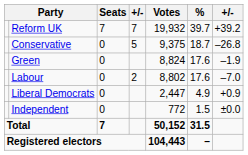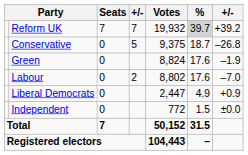 <table class="wikitable sortable">
 <tr>
 <th colspan="2">Party</th>
 <th>Seats</th>
 <th>+/-</th>
 <th>Votes</th>
 <th>%</th>
 <th>+/-</th>
 </tr>
 <tr>
 <td style="background-color: "></td>
 <td><a href='#'>Reform UK</a></td>
 <td>7</td>
 <td> 7</td>
 <td style="text-align:right;">19,932</td>
-<td style="text-align:right;">39.7</td>
+<td style="background: lightgrey; text-align:right;">39.7</td>
 <td style="text-align:right;">+39.2</td>
 </tr>
 <tr>
 <td style="background-color: "></td>
 <td><a href='#'>Conservative</a></td>
 <td>0</td>
 <td> 5</td>
 <td style="text-align:right;">9,375</td>
 <td style="text-align:right;">18.7</td>
 <td style="text-align:right;">–26.8</td>
 </tr>
 <tr>
 <td style="background-color: "></td>
 <td><a href='#'>Green</a></td>
 <td>0</td>
 <td></td>
 <td style="text-align:right;">8,824</td>
 <td style="text-align:right;">17.6</td>
 <td style="text-align:right;">–1.9</td>
 </tr>
 <tr>
 <td style="background-color: "></td>
 <td><a href='#'>Labour</a></td>
 <td>0</td>
 <td> 2</td>
 <td style="text-align:right;">8,802</td>
 <td style="text-align:right;">17.6</td>
 <td style="text-align:right;">–7.0</td>
 </tr>
 <tr>
 <td style="background-color: "></td>
 <td><a href='#'>Liberal Democrats</a></td>
 <td>0</td>
 <td></td>
 <td style="text-align:right;">2,447</td>
 <td style="text-align:right;">4.9</td>
 <td style="text-align:right;">+0.9</td>
 </tr>
 <tr>
 <td style="background-color: "></td>
 <td><a href='#'>Independent</a></td>
 <td>0</td>
 <td></td>
 <td style="text-align:right;">772</td>
 <td style="text-align:right;">1.5</td>
 <td style="text-align:right;">±0.0</td>
 </tr>
 <tr>
 <td colspan="2"><strong>Total</strong></td>
 <td><strong>7</strong></td>
 <td></td>
 <td style="text-align:right;"><strong>50,152</strong></td>
 <td style="text-align:right;"><strong>31.5</strong></td>
 <td style="text-align:right;"></td>
 </tr>
 <tr>
 <td colspan="4"><strong>Registered electors</strong></td>
 <td style="text-align:right;"><strong>104,443</strong></td>
 <td style="text-align:right;"><strong>–</strong></td>
 <td style="text-align:right;"></td>
 </tr>
 </table>
